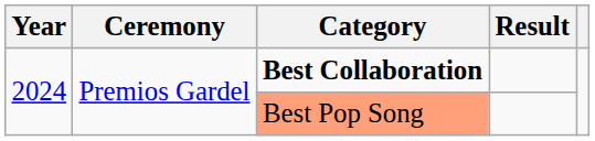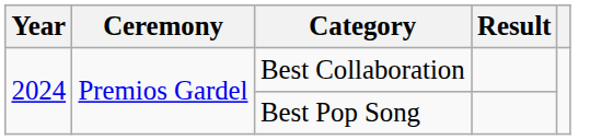 <table class="wikitable sortable plainrowheaders">
 <tr>
 <th scope="col">Year</th>
 <th scope="col">Ceremony</th>
 <th scope="col">Category</th>
 <th scope="col">Result</th>
 <th scope="col" class="unsortable"></th>
 </tr>
 <tr>
 <td rowspan="2" align="center"><a href='#'>2024</a></td>
 <td rowspan="2"><a href='#'>Premios Gardel</a></td>
-<td><strong>Best Collaboration</strong></td>
+<td>Best Collaboration</td>
 <td></td>
 <td rowspan="2" align="center"></td>
 </tr>
 <tr>
-<td style="background: lightsalmon;">Best Pop Song</td>
+<td>Best Pop Song</td>
 <td></td>
 </tr>
 </table>
